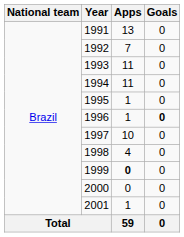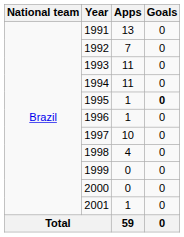 <table class="wikitable" style="text-align:center">
 <tr>
 <th>National team</th>
 <th>Year</th>
 <th>Apps</th>
 <th>Goals</th>
 </tr>
 <tr>
 <td rowspan="11"><a href='#'>Brazil</a></td>
 <td>1991</td>
 <td>13</td>
 <td>0</td>
 </tr>
 <tr>
 <td>1992</td>
 <td>7</td>
 <td>0</td>
 </tr>
 <tr>
 <td>1993</td>
 <td>11</td>
 <td>0</td>
 </tr>
 <tr>
 <td>1994</td>
 <td>11</td>
 <td>0</td>
 </tr>
 <tr>
 <td>1995</td>
 <td>1</td>
-<td>0</td>
+<td><strong>0</strong></td>
 </tr>
 <tr>
 <td>1996</td>
 <td>1</td>
-<td><strong>0</strong></td>
+<td>0</td>
 </tr>
 <tr>
 <td>1997</td>
 <td>10</td>
 <td>0</td>
 </tr>
 <tr>
 <td>1998</td>
 <td>4</td>
 <td>0</td>
 </tr>
 <tr>
 <td>1999</td>
-<td><strong>0</strong></td>
+<td>0</td>
 <td>0</td>
 </tr>
 <tr>
 <td>2000</td>
 <td>0</td>
 <td>0</td>
 </tr>
 <tr>
 <td>2001</td>
 <td>1</td>
 <td>0</td>
 </tr>
 <tr>
 <th colspan="2">Total</th>
 <th>59</th>
 <th>0</th>
 </tr>
 </table>
